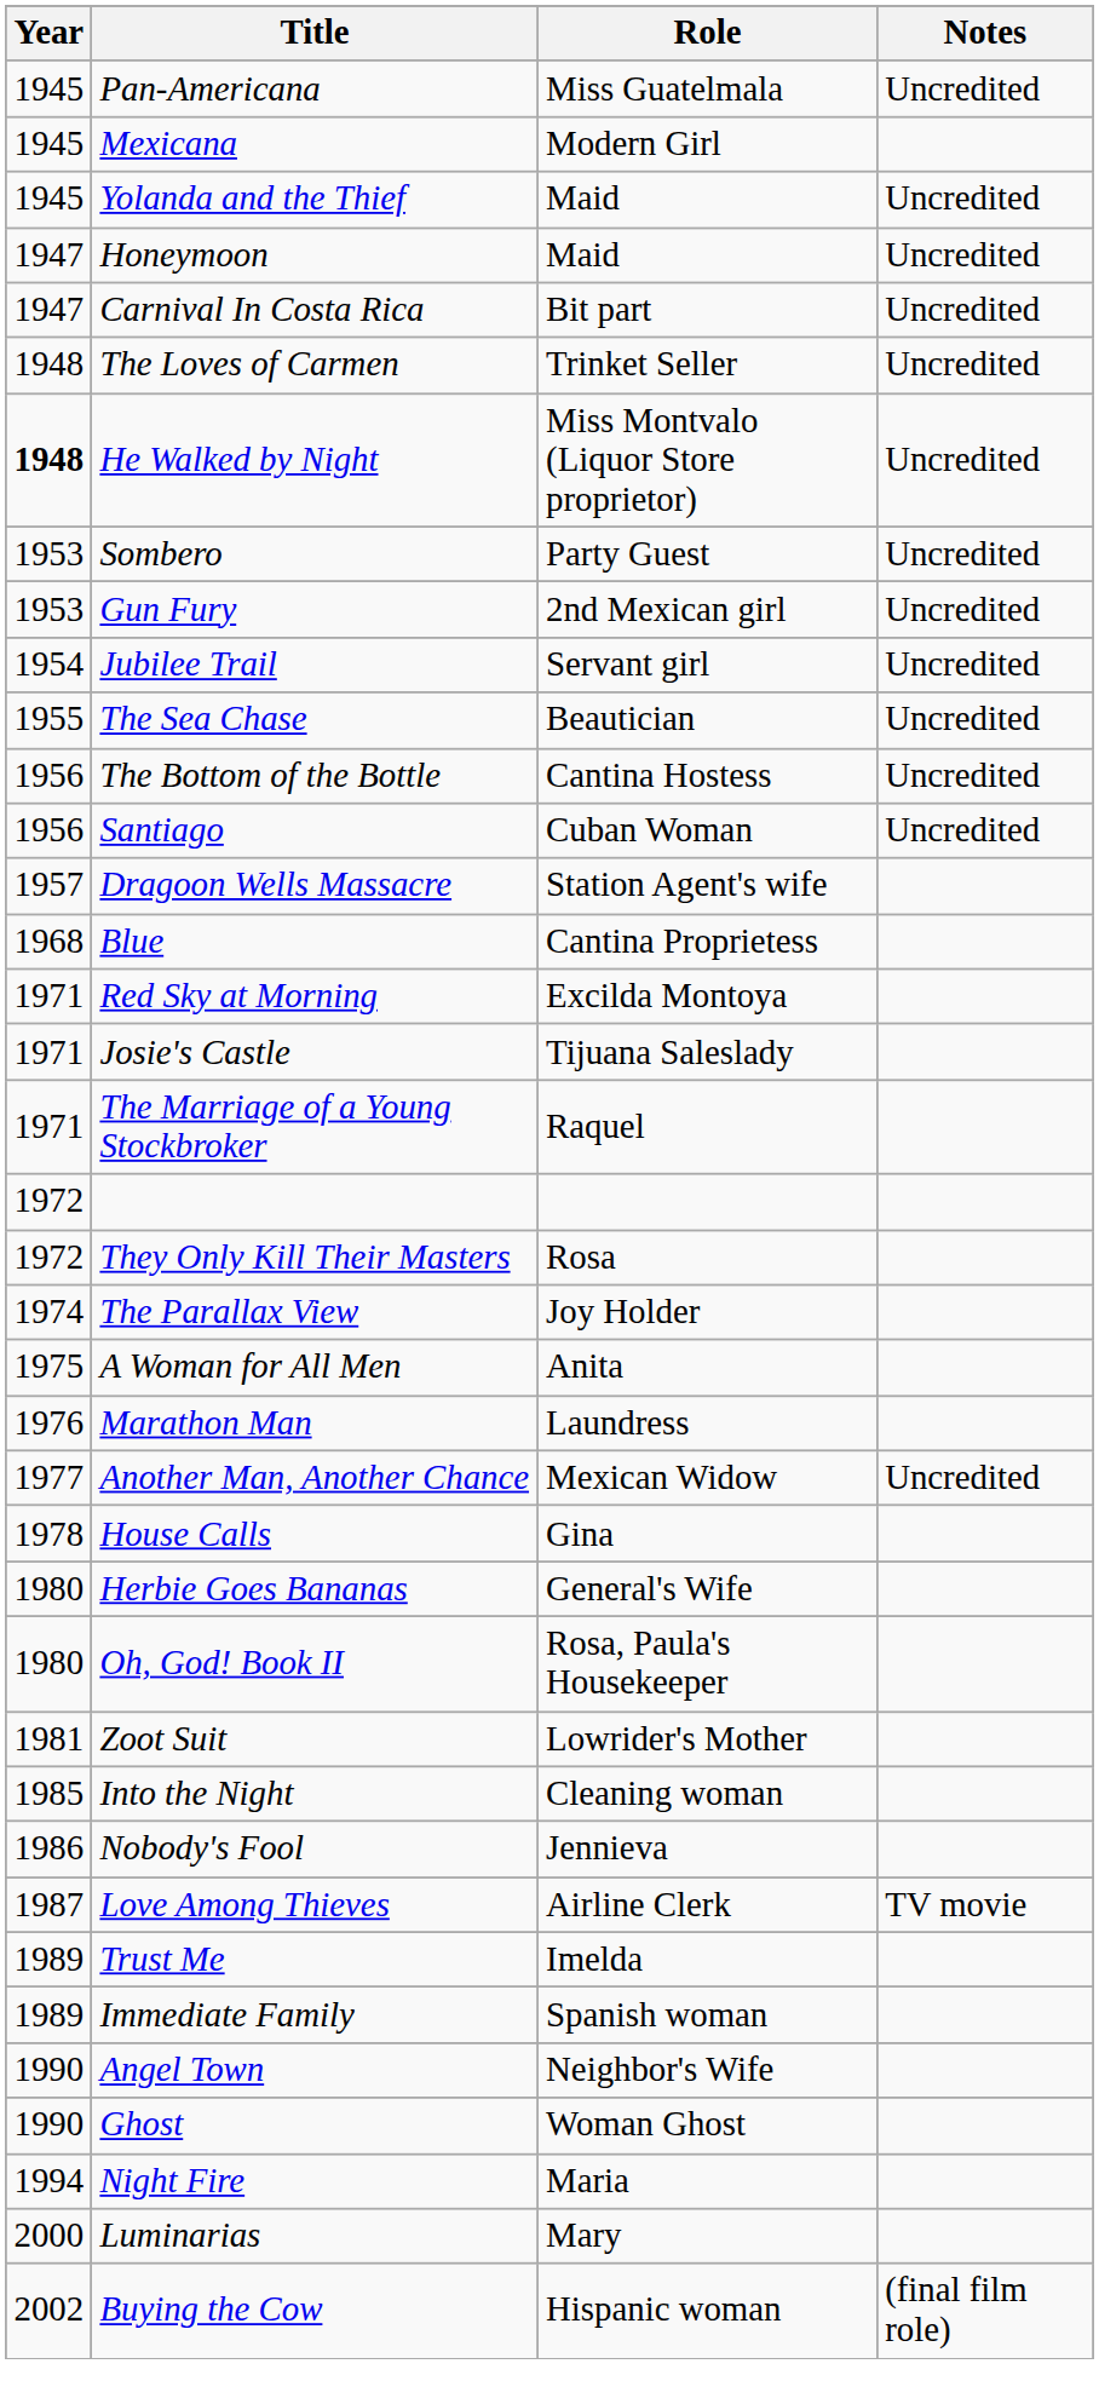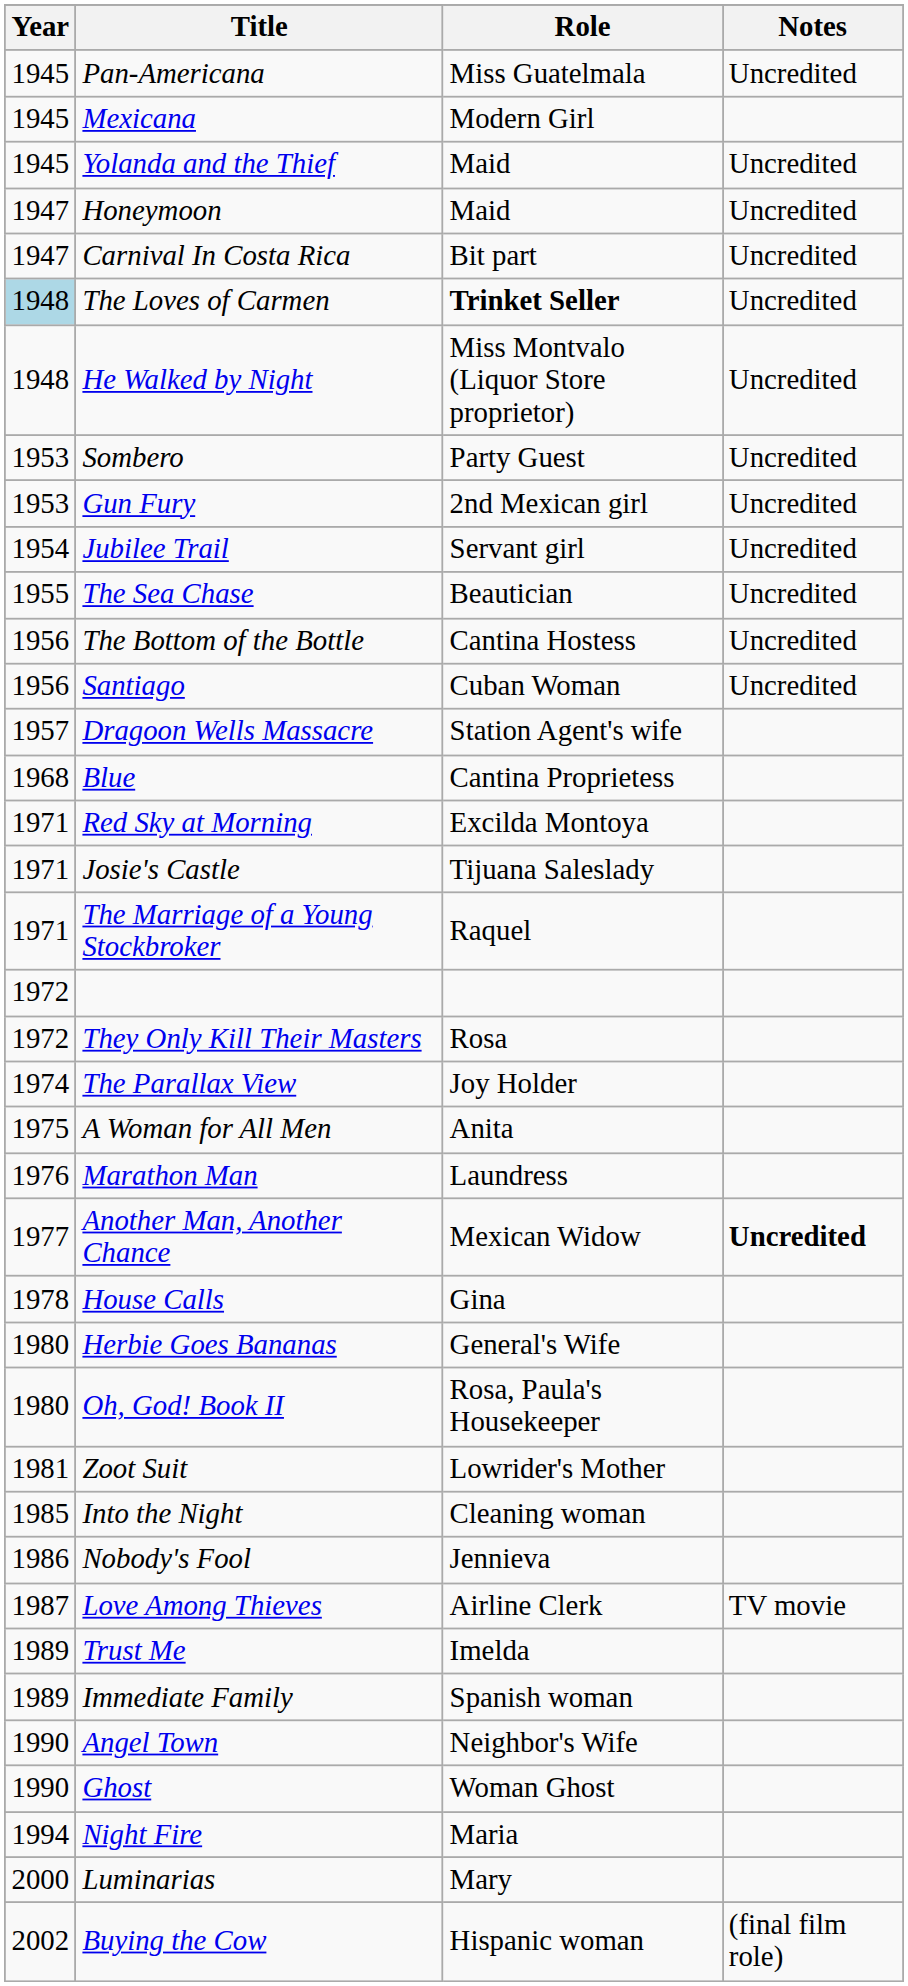 <table class= "wikitable sortable" width= 500px>
 <tr>
 </tr>
 <tr>
 <th>Year</th>
 <th>Title</th>
 <th>Role</th>
 <th>Notes</th>
 </tr>
 <tr>
 <td>1945</td>
 <td><em>Pan-Americana</em></td>
 <td>Miss Guatelmala</td>
 <td>Uncredited</td>
 </tr>
 <tr>
 <td>1945</td>
 <td><em><a href='#'>Mexicana</a></em></td>
 <td>Modern Girl</td>
 <td></td>
 </tr>
 <tr>
 <td>1945</td>
 <td><em><a href='#'>Yolanda and the Thief</a></em></td>
 <td>Maid</td>
 <td>Uncredited</td>
 </tr>
 <tr>
 <td>1947</td>
 <td><em>Honeymoon</em></td>
 <td>Maid</td>
 <td>Uncredited</td>
 </tr>
 <tr>
 <td>1947</td>
 <td><em>Carnival In Costa Rica</em></td>
 <td>Bit part</td>
 <td>Uncredited</td>
 </tr>
 <tr>
-<td>1948</td>
+<td style="background: lightblue;">1948</td>
 <td><em>The Loves of Carmen</em></td>
-<td>Trinket Seller</td>
+<td><strong>Trinket Seller</strong></td>
 <td>Uncredited</td>
 </tr>
 <tr>
-<td><strong>1948</strong></td>
+<td>1948</td>
 <td><em><a href='#'>He Walked by Night</a></em></td>
 <td>Miss Montvalo<br>(Liquor Store proprietor)</td>
 <td>Uncredited</td>
 </tr>
 <tr>
 <td>1953</td>
 <td><em>Sombero</em></td>
 <td>Party Guest</td>
 <td>Uncredited</td>
 </tr>
 <tr>
 <td>1953</td>
 <td><em><a href='#'>Gun Fury</a></em></td>
 <td>2nd Mexican girl</td>
 <td>Uncredited</td>
 </tr>
 <tr>
 <td>1954</td>
 <td><em><a href='#'>Jubilee Trail</a></em></td>
 <td>Servant girl</td>
 <td>Uncredited</td>
 </tr>
 <tr>
 <td>1955</td>
 <td><em><a href='#'>The Sea Chase</a></em></td>
 <td>Beautician</td>
 <td>Uncredited</td>
 </tr>
 <tr>
 <td>1956</td>
 <td><em>The Bottom of the Bottle</em></td>
 <td>Cantina Hostess</td>
 <td>Uncredited</td>
 </tr>
 <tr>
 <td>1956</td>
 <td><em><a href='#'>Santiago</a></em></td>
 <td>Cuban Woman</td>
 <td>Uncredited</td>
 </tr>
 <tr>
 <td>1957</td>
 <td><em><a href='#'>Dragoon Wells Massacre</a></em></td>
 <td>Station Agent's wife</td>
 <td></td>
 </tr>
 <tr>
 <td>1968</td>
 <td><em><a href='#'>Blue</a></em></td>
 <td>Cantina Proprietess</td>
 <td></td>
 </tr>
 <tr>
 <td>1971</td>
 <td><em><a href='#'>Red Sky at Morning</a></em></td>
 <td>Excilda Montoya</td>
 <td></td>
 </tr>
 <tr>
 <td>1971</td>
 <td><em>Josie's Castle</em></td>
 <td>Tijuana Saleslady</td>
 <td></td>
 </tr>
 <tr>
 <td>1971</td>
 <td><em><a href='#'>The Marriage of a Young Stockbroker</a></em></td>
 <td>Raquel</td>
 <td></td>
 </tr>
 <tr>
 <td>1972</td>
 <td></td>
 <td></td>
 <td></td>
 </tr>
 <tr>
 <td>1972</td>
 <td><em><a href='#'>They Only Kill Their Masters</a></em></td>
 <td>Rosa</td>
 <td></td>
 </tr>
 <tr>
 <td>1974</td>
 <td><em><a href='#'>The Parallax View</a></em></td>
 <td>Joy Holder</td>
 <td></td>
 </tr>
 <tr>
 <td>1975</td>
 <td><em>A Woman for All Men</em></td>
 <td>Anita</td>
 <td></td>
 </tr>
 <tr>
 <td>1976</td>
 <td><em><a href='#'>Marathon Man</a></em></td>
 <td>Laundress</td>
 <td></td>
 </tr>
 <tr>
 <td>1977</td>
 <td><em><a href='#'>Another Man, Another Chance</a></em></td>
 <td>Mexican Widow</td>
-<td>Uncredited</td>
+<td><strong>Uncredited</strong></td>
 </tr>
 <tr>
 <td>1978</td>
 <td><em><a href='#'>House Calls</a></em></td>
 <td>Gina</td>
 <td></td>
 </tr>
 <tr>
 <td>1980</td>
 <td><em><a href='#'>Herbie Goes Bananas</a></em></td>
 <td>General's Wife</td>
 <td></td>
 </tr>
 <tr>
 <td>1980</td>
 <td><em><a href='#'>Oh, God! Book II</a></em></td>
 <td>Rosa, Paula's Housekeeper</td>
 <td></td>
 </tr>
 <tr>
 <td>1981</td>
 <td><em>Zoot Suit</em></td>
 <td>Lowrider's Mother</td>
 <td></td>
 </tr>
 <tr>
 <td>1985</td>
 <td><em>Into the Night</em></td>
 <td>Cleaning woman</td>
 <td></td>
 </tr>
 <tr>
 <td>1986</td>
 <td><em>Nobody's Fool</em></td>
 <td>Jennieva</td>
 <td></td>
 </tr>
 <tr>
 <td>1987</td>
 <td><em><a href='#'>Love Among Thieves</a></em></td>
 <td>Airline Clerk</td>
 <td>TV movie</td>
 </tr>
 <tr>
 <td>1989</td>
 <td><em><a href='#'>Trust Me</a></em></td>
 <td>Imelda</td>
 <td></td>
 </tr>
 <tr>
 <td>1989</td>
 <td><em>Immediate Family</em></td>
 <td>Spanish woman</td>
 <td></td>
 </tr>
 <tr>
 <td>1990</td>
 <td><em><a href='#'>Angel Town</a></em></td>
 <td>Neighbor's Wife</td>
 <td></td>
 </tr>
 <tr>
 <td>1990</td>
 <td><em><a href='#'>Ghost</a></em></td>
 <td>Woman Ghost</td>
 <td></td>
 </tr>
 <tr>
 <td>1994</td>
 <td><em><a href='#'>Night Fire</a></em></td>
 <td>Maria</td>
 <td></td>
 </tr>
 <tr>
 <td>2000</td>
 <td><em>Luminarias</em></td>
 <td>Mary</td>
 <td></td>
 </tr>
 <tr>
 <td>2002</td>
 <td><em><a href='#'>Buying the Cow</a></em></td>
 <td>Hispanic woman</td>
 <td>(final film role)</td>
 </tr>
 </table>
